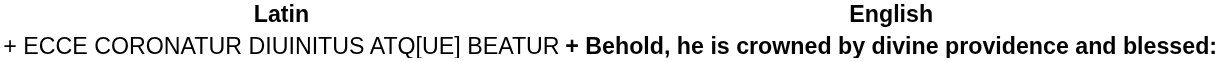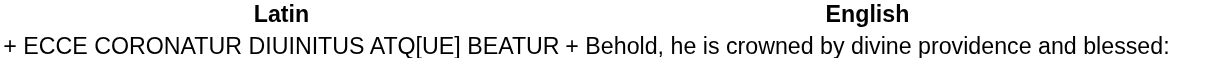 <table>
 <tr>
 <th>Latin</th>
 <th>English</th>
 </tr>
 <tr>
 <td lang="la">+ ECCE CORONATUR DIUINITUS ATQ[UE] BEATUR<br></td>
-<td><strong>+ Behold, he is crowned by divine providence and blessed:<br></strong></td>
+<td>+ Behold, he is crowned by divine providence and blessed:<br></td>
 </tr>
 </table>
